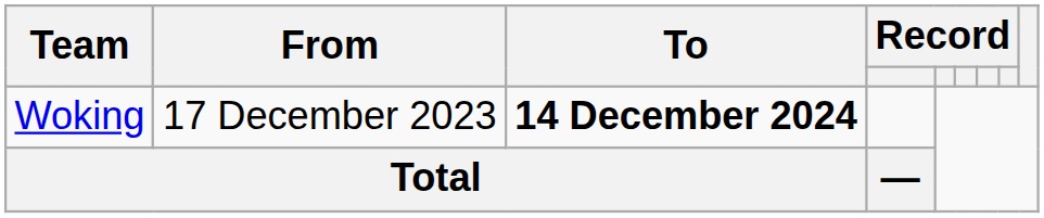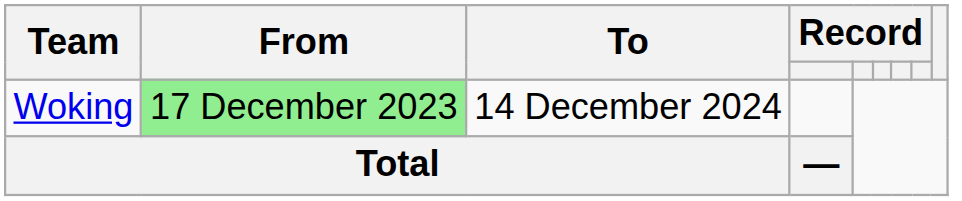 <table class=wikitable style="text-align: center">
 <tr>
 <th rowspan=2>Team</th>
 <th rowspan=2>From</th>
 <th rowspan=2>To</th>
 <th colspan=5>Record</th>
 <th rowspan=2></th>
 </tr>
 <tr>
 <th></th>
 <th></th>
 <th></th>
 <th></th>
 <th></th>
 </tr>
 <tr>
 <td align=left><a href='#'>Woking</a></td>
-<td align=left>17 December 2023</td>
-<td align=left><strong>14 December 2024<br></strong></td>
+<td align=left style="background: lightgreen;">17 December 2023</td>
+<td align=left>14 December 2024<br></td>
 <td></td>
 </tr>
 <tr>
 <th colspan=3>Total<br></th>
 <th>—</th>
 </tr>
 </table>
